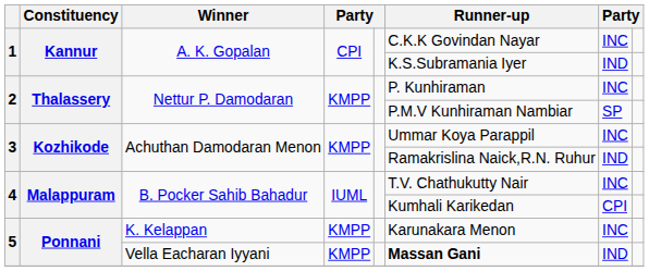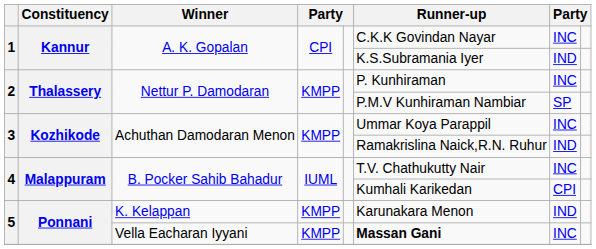 <table class="wikitable sortable" border="1">
 <tr>
 <th></th>
 <th style="text-align:center;">Constituency</th>
 <th style="text-align:center;">Winner</th>
 <th colspan="2" style="text-align:center;">Party</th>
 <th>Runner-up</th>
 <th colspan="2">Party</th>
 </tr>
 <tr>
 <th rowspan="2">1</th>
 <th rowspan="2" style="text-align:center;"><a href='#'>Kannur</a></th>
 <td rowspan="2" style="text-align:center;"><a href='#'>A. K. Gopalan</a></td>
 <td rowspan="2" style="text-align:center;"><a href='#'>CPI</a></td>
 <td rowspan="2" width="4px" style="background-color: "></td>
 <td>C.K.K Govindan Nayar</td>
 <td><a href='#'>INC</a></td>
 <td width="4px" style="background-color: "></td>
 </tr>
 <tr>
 <td>K.S.Subramania Iyer</td>
 <td><a href='#'>IND</a></td>
 <td width="4px" style="background-color: "></td>
 </tr>
 <tr>
 <th rowspan="2">2</th>
 <th rowspan="2" style="text-align:center;"><a href='#'>Thalassery</a></th>
 <td rowspan="2" style="text-align:center;"><a href='#'>Nettur P. Damodaran</a></td>
 <td rowspan="2" style="text-align:center;"><a href='#'>KMPP</a></td>
 <td rowspan="2" width="4px" style="background-color: "></td>
 <td>P. Kunhiraman</td>
 <td><a href='#'>INC</a></td>
 <td width="4px" style="background-color: "></td>
 </tr>
 <tr>
 <td>P.M.V Kunhiraman Nambiar</td>
 <td><a href='#'>SP</a></td>
 <td width="4px" style="background-color: "></td>
 </tr>
 <tr>
 <th rowspan="2">3</th>
 <th rowspan="2" style="text-align:center;"><a href='#'>Kozhikode</a></th>
 <td rowspan="2" style="text-align:center;">Achuthan Damodaran Menon</td>
 <td rowspan="2" style="text-align:center;"><a href='#'>KMPP</a></td>
 <td rowspan="2" width="4px" style="background-color: "></td>
 <td>Ummar Koya Parappil</td>
 <td><a href='#'>INC</a></td>
 <td width="4px" style="background-color: "></td>
 </tr>
 <tr>
 <td>Ramakrislina Naick,R.N. Ruhur</td>
 <td><a href='#'>IND</a></td>
 <td width="4px" style="background-color: "></td>
 </tr>
 <tr>
 <th rowspan="2">4</th>
 <th rowspan="2" style="text-align:center;"><a href='#'>Malappuram</a></th>
 <td rowspan="2" style="text-align:center;"><a href='#'>B. Pocker Sahib Bahadur</a></td>
 <td rowspan="2" style="text-align:center;"><a href='#'>IUML</a></td>
 <td rowspan="2" width="4px" style="background-color: "></td>
 <td>T.V. Chathukutty Nair</td>
 <td><a href='#'>INC</a></td>
 <td width="4px" style="background-color: "></td>
 </tr>
 <tr>
 <td>Kumhali Karikedan</td>
 <td><a href='#'>CPI</a></td>
 <td width="4px" style="background-color: "></td>
 </tr>
 <tr>
 <th rowspan="2">5</th>
 <th rowspan="2"><a href='#'>Ponnani</a></th>
 <td><a href='#'>K. Kelappan</a></td>
 <td><a href='#'>KMPP</a></td>
 <td width="4px" style="background-color: "></td>
 <td>Karunakara Menon</td>
-<td><a href='#'>INC</a></td>
+<td><a href='#'>IND</a></td>
 <td width="4px" style="background-color: "><br></td>
 </tr>
 <tr>
 <td>Vella Eacharan Iyyani</td>
 <td><a href='#'>KMPP</a></td>
 <td width="4px" style="background-color: "></td>
 <td><strong>Massan Gani</strong></td>
-<td><a href='#'>IND</a></td>
+<td><a href='#'>INC</a></td>
 <td width="4px" style="background-color: "></td>
 </tr>
 <tr>
 </tr>
 </table>
